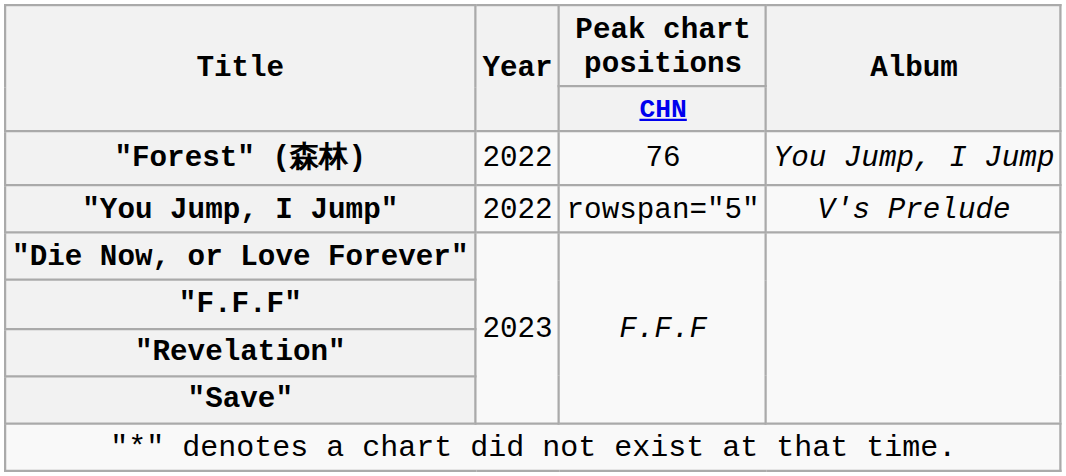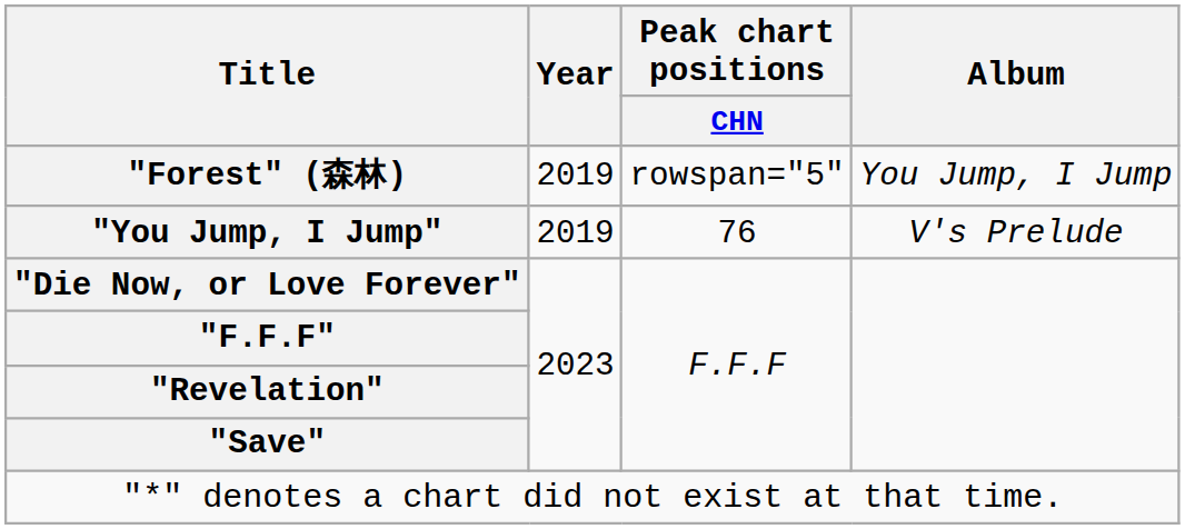 <table class="wikitable plainrowheaders" style="text-align:center;">
 <tr>
 <th scope="col" rowspan="2">Title</th>
 <th scope="col" rowspan="2">Year</th>
 <th scope="col">Peak chart positions</th>
 <th scope="col" rowspan="2">Album</th>
 </tr>
 <tr>
 <th scope="col" style="width:3em;font-size:90%;"><a href='#'>CHN</a><br></th>
 </tr>
 <tr>
 <th scope="row">"Forest" (森林)</th>
-<td>2022</td>
-<td>76</td>
+<td>2019</td>
+<td>rowspan="5" </td>
 <td><em>You Jump, I Jump</em></td>
 </tr>
 <tr>
 <th scope="row">"You Jump, I Jump"</th>
-<td>2022</td>
-<td>rowspan="5" </td>
+<td>2019</td>
+<td>76</td>
 <td><em>V's Prelude</em></td>
 </tr>
 <tr>
 <th scope="row">"Die Now, or Love Forever"</th>
 <td rowspan="4">2023</td>
 <td rowspan="4"><em>F.F.F</em></td>
 </tr>
 <tr>
 <th scope="row">"F.F.F"</th>
 </tr>
 <tr>
 <th scope="row">"Revelation"</th>
 </tr>
 <tr>
 <th scope="row">"Save"</th>
 </tr>
 <tr>
 <td style="font-size:10pt" colspan="4">"*" denotes a chart did not exist at that time.</td>
 </tr>
 </table>
